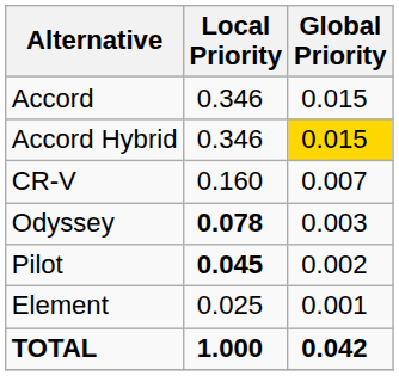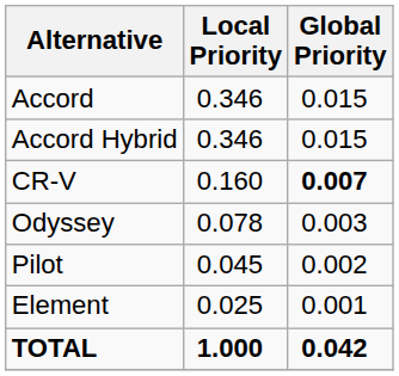 <table class="wikitable" | align="center">
 <tr>
 <th>Alternative</th>
 <th>Local<br>Priority</th>
 <th>Global<br>Priority</th>
 </tr>
 <tr>
 <td>Accord</td>
 <td> 0.346</td>
 <td> 0.015</td>
 </tr>
 <tr>
 <td>Accord Hybrid</td>
 <td> 0.346</td>
-<td style="background: gold;"> 0.015</td>
+<td> 0.015</td>
 </tr>
 <tr>
 <td>CR-V</td>
 <td> 0.160</td>
-<td> 0.007</td>
+<td><strong> 0.007</strong></td>
 </tr>
 <tr>
 <td>Odyssey</td>
-<td><strong> 0.078</strong></td>
+<td> 0.078</td>
 <td> 0.003</td>
 </tr>
 <tr>
 <td>Pilot</td>
-<td><strong> 0.045</strong></td>
+<td> 0.045</td>
 <td> 0.002</td>
 </tr>
 <tr>
 <td>Element</td>
 <td> 0.025</td>
 <td> 0.001</td>
 </tr>
 <tr>
 <td><strong>TOTAL</strong></td>
 <td><strong> 1.000</strong></td>
 <td><strong> 0.042</strong></td>
 </tr>
 <tr>
 </tr>
 </table>
